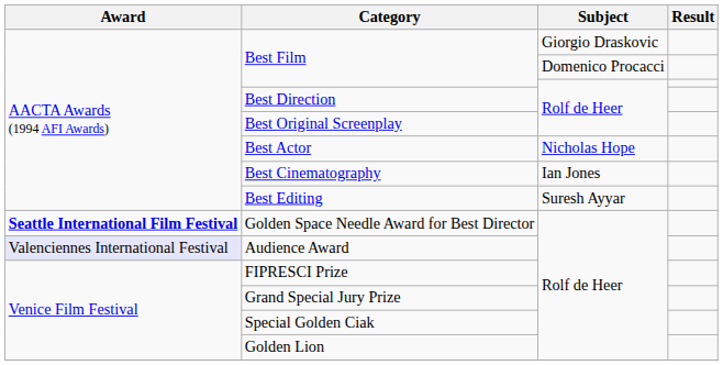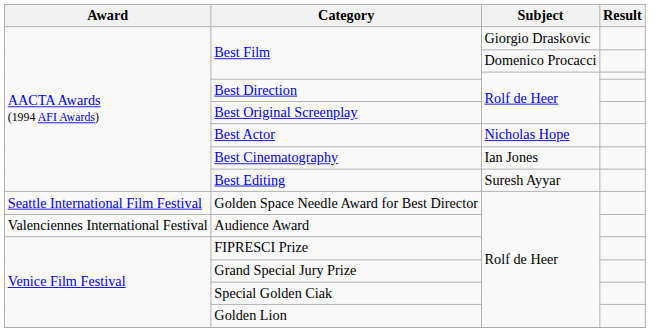 <table class="wikitable">
 <tr>
 <th>Award</th>
 <th>Category</th>
 <th>Subject</th>
 <th>Result</th>
 </tr>
 <tr>
 <td rowspan=8><a href='#'>AACTA Awards</a><br><small>(1994 <a href='#'>AFI Awards</a>)</small></td>
 <td rowspan=3><a href='#'>Best Film</a></td>
 <td>Giorgio Draskovic</td>
 <td></td>
 </tr>
 <tr>
 <td>Domenico Procacci</td>
 <td></td>
 </tr>
 <tr>
 <td rowspan=3><a href='#'>Rolf de Heer</a></td>
 <td></td>
 </tr>
 <tr>
 <td><a href='#'>Best Direction</a></td>
 <td></td>
 </tr>
 <tr>
 <td><a href='#'>Best Original Screenplay</a></td>
 <td></td>
 </tr>
 <tr>
 <td><a href='#'>Best Actor</a></td>
 <td><a href='#'>Nicholas Hope</a></td>
 <td></td>
 </tr>
 <tr>
 <td><a href='#'>Best Cinematography</a></td>
 <td>Ian Jones</td>
 <td></td>
 </tr>
 <tr>
 <td><a href='#'>Best Editing</a></td>
 <td>Suresh Ayyar</td>
 <td></td>
 </tr>
 <tr>
-<td><strong><a href='#'>Seattle International Film Festival</a></strong></td>
+<td><a href='#'>Seattle International Film Festival</a></td>
 <td>Golden Space Needle Award for Best Director</td>
 <td rowspan=6>Rolf de Heer</td>
 <td></td>
 </tr>
 <tr>
-<td style="background: lavender;">Valenciennes International Festival</td>
+<td>Valenciennes International Festival</td>
 <td>Audience Award</td>
 <td></td>
 </tr>
 <tr>
 <td rowspan=4><a href='#'>Venice Film Festival</a></td>
 <td>FIPRESCI Prize</td>
 <td></td>
 </tr>
 <tr>
 <td>Grand Special Jury Prize</td>
 <td></td>
 </tr>
 <tr>
 <td>Special Golden Ciak</td>
 <td></td>
 </tr>
 <tr>
 <td>Golden Lion</td>
 <td></td>
 </tr>
 <tr>
 </tr>
 </table>
